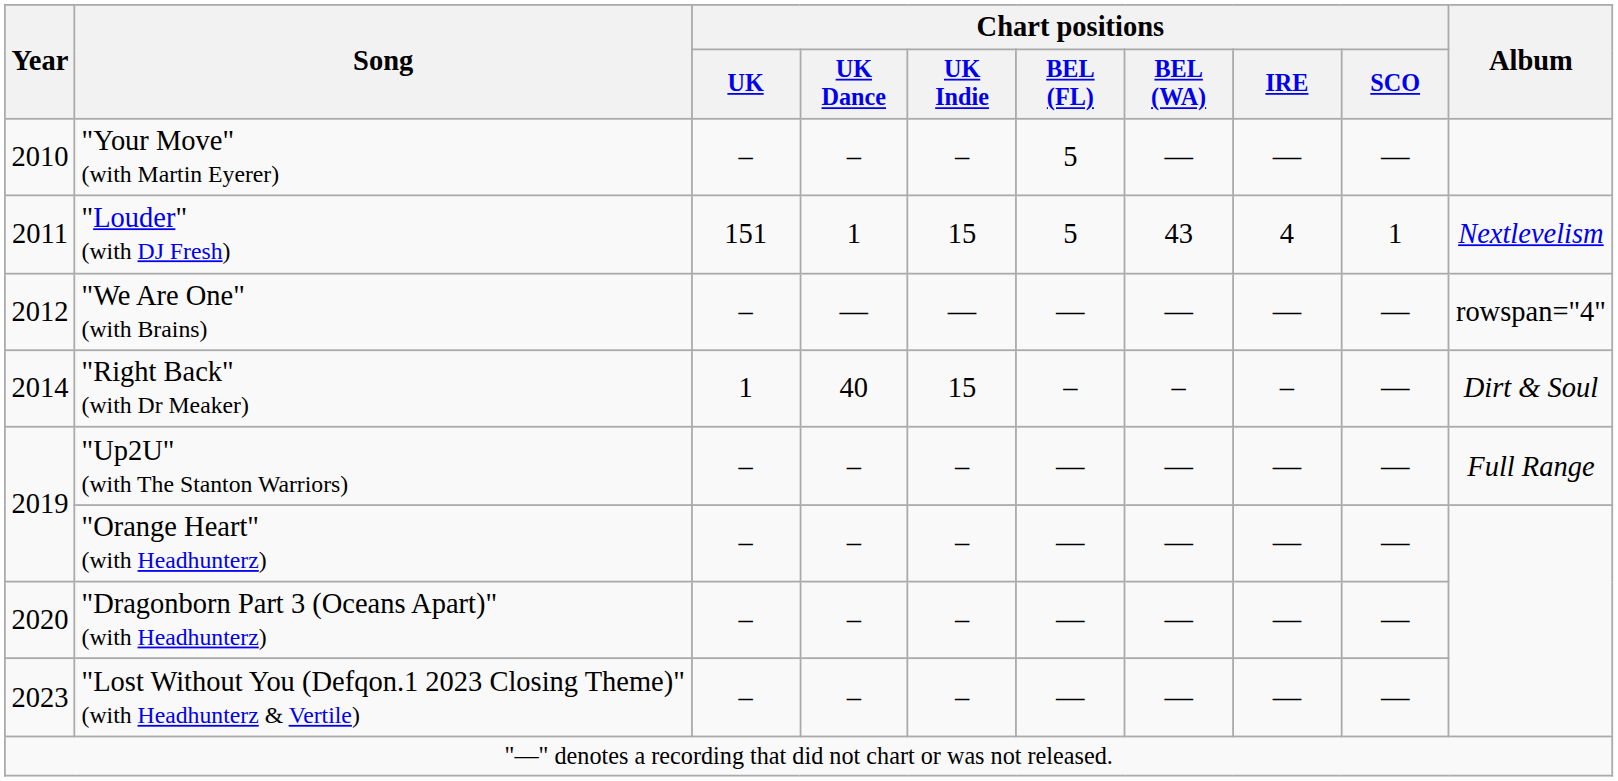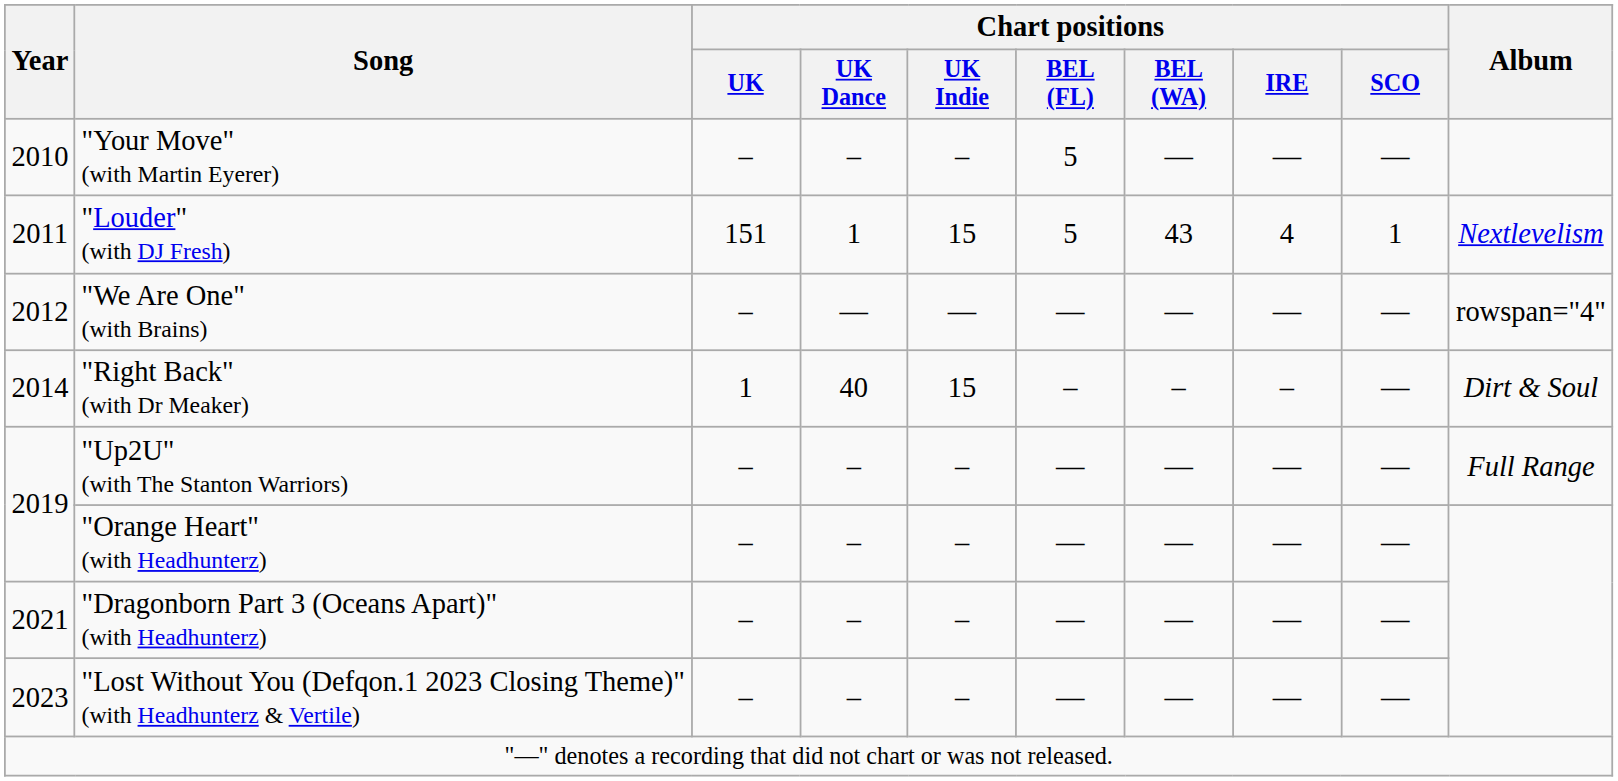 <table class="wikitable plainrowheaders" style="text-align:center;">
 <tr>
 <th rowspan="2">Year</th>
 <th rowspan="2">Song</th>
 <th colspan="7">Chart positions</th>
 <th rowspan="2">Album</th>
 </tr>
 <tr>
 <th style="width:4em;font-size:85%;"><a href='#'>UK</a><br></th>
 <th style="width:4em;font-size:85%;"><a href='#'>UK<br>Dance</a><br></th>
 <th style="width:4em;font-size:85%;"><a href='#'>UK<br>Indie</a><br></th>
 <th style="width:4em;font-size:85%;"><a href='#'>BEL<br>(FL)</a><br></th>
 <th style="width:4em;font-size:85%;"><a href='#'>BEL<br>(WA)</a><br></th>
 <th style="width:4em;font-size:85%;"><a href='#'>IRE</a><br></th>
 <th style="width:4em;font-size:85%;"><a href='#'>SCO</a><br></th>
 </tr>
 <tr>
 <td>2010</td>
 <td align="left">"Your Move"<br><small>(with Martin Eyerer)</small></td>
 <td>–</td>
 <td>–</td>
 <td>–</td>
 <td>5</td>
 <td>—</td>
 <td>—</td>
 <td>—</td>
 <td></td>
 </tr>
 <tr>
 <td>2011</td>
 <td align="left">"<a href='#'>Louder</a>"<br><small>(with <a href='#'>DJ Fresh</a>)</small></td>
 <td>151</td>
 <td>1</td>
 <td>15</td>
 <td>5</td>
 <td>43</td>
 <td>4</td>
 <td>1</td>
 <td><em><a href='#'>Nextlevelism</a></em></td>
 </tr>
 <tr>
 <td>2012</td>
 <td align="left">"We Are One"<br><small>(with Brains)</small></td>
 <td>–</td>
 <td>—</td>
 <td>—</td>
 <td>—</td>
 <td>—</td>
 <td>—</td>
 <td>—</td>
 <td>rowspan="4" </td>
 </tr>
 <tr>
 <td>2014</td>
 <td align="left">"Right Back"<br><small>(with Dr Meaker)</small></td>
 <td>1</td>
 <td>40</td>
 <td>15</td>
 <td>–</td>
 <td>–</td>
 <td>–<br></td>
 <td>—</td>
 <td><em>Dirt & Soul</em></td>
 </tr>
 <tr>
 <td rowspan="2">2019</td>
 <td align="left">"Up2U" <br><small>(with The Stanton Warriors)</small></td>
 <td>–</td>
 <td>–</td>
 <td>–</td>
 <td>—</td>
 <td>—</td>
 <td>—</td>
 <td>—</td>
 <td><em>Full Range</em></td>
 </tr>
 <tr>
 <td align="left">"Orange Heart" <br><small>(with <a href='#'>Headhunterz</a>)</small></td>
 <td>–</td>
 <td>–</td>
 <td>–</td>
 <td>—</td>
 <td>—</td>
 <td>—</td>
 <td>—</td>
 </tr>
 <tr>
-<td>2020</td>
+<td>2021</td>
 <td align="left">"Dragonborn Part 3 (Oceans Apart)" <br><small>(with <a href='#'>Headhunterz</a>)</small></td>
 <td>–</td>
 <td>–</td>
 <td>–</td>
 <td>—</td>
 <td>—</td>
 <td>—</td>
 <td>—</td>
 </tr>
 <tr>
 <td>2023</td>
 <td align="left">"Lost Without You (Defqon.1 2023 Closing Theme)" <br><small>(with <a href='#'>Headhunterz</a> & <a href='#'>Vertile</a>)</small></td>
 <td>–</td>
 <td>–</td>
 <td>–</td>
 <td>—</td>
 <td>—</td>
 <td>—</td>
 <td>—</td>
 </tr>
 <tr>
 <td colspan="10" style="font-size:85%">"—" denotes a recording that did not chart or was not released.</td>
 </tr>
 </table>
